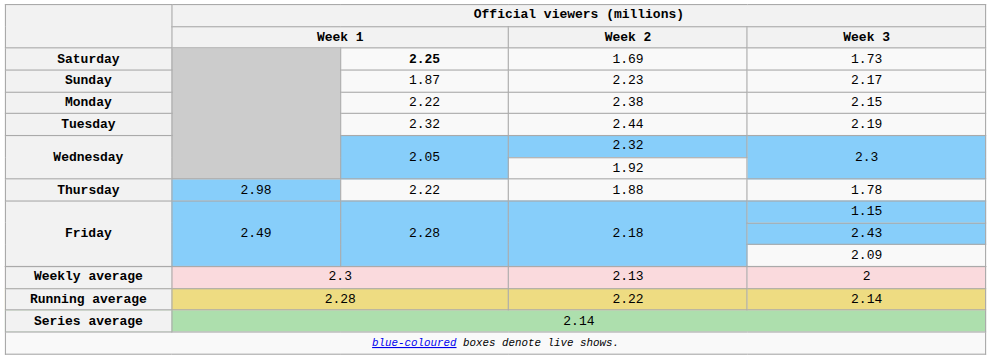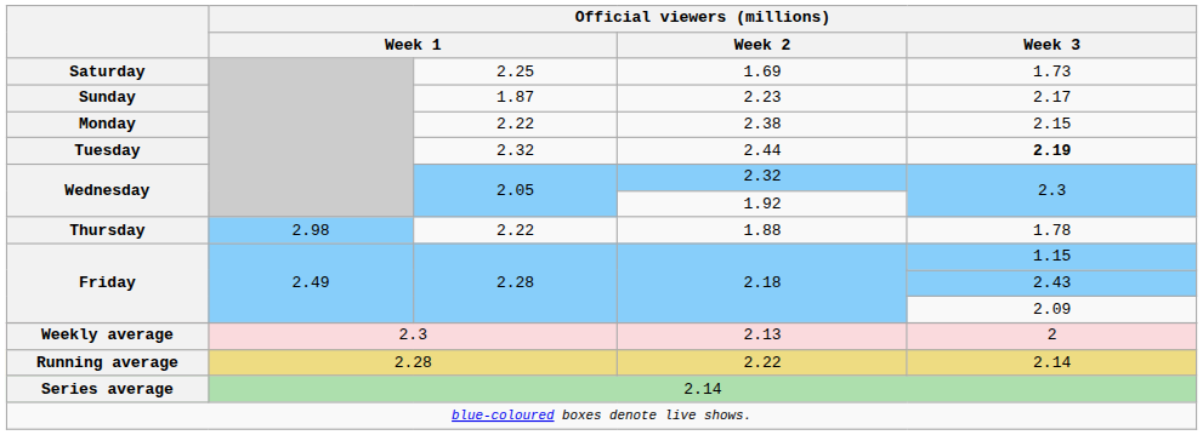 <table class="wikitable" style="font-size:90%; text-align:center; width: 70%; margin-left: auto; margin-right: auto;">
 <tr>
 <th scope="col" rowspan="2" style="width:17%;"></th>
 <th scope=col colspan=4>Official viewers (millions)</th>
 </tr>
 <tr>
 <th colspan=2>Week 1</th>
 <th>Week 2</th>
 <th>Week 3</th>
 </tr>
 <tr>
 <th>Saturday</th>
 <td style="background:#ccc;" rowspan="6"></td>
-<td><strong>2.25</strong></td>
+<td>2.25</td>
 <td>1.69</td>
 <td>1.73</td>
 </tr>
 <tr>
 <th>Sunday</th>
 <td>1.87</td>
 <td>2.23</td>
 <td>2.17</td>
 </tr>
 <tr>
 <th>Monday</th>
 <td>2.22</td>
 <td>2.38</td>
 <td>2.15</td>
 </tr>
 <tr>
 <th>Tuesday</th>
 <td>2.32</td>
 <td>2.44</td>
-<td>2.19</td>
+<td><strong>2.19</strong></td>
 </tr>
 <tr>
 <th rowspan=2>Wednesday</th>
 <td rowspan="2" style="background:#87CEFA;">2.05</td>
 <td style="background:#87CEFA;">2.32</td>
 <td rowspan=2 style="background:#87CEFA;">2.3</td>
 </tr>
 <tr>
 <td>1.92</td>
 </tr>
 <tr>
 <th>Thursday</th>
 <td style="background:#87CEFA;">2.98</td>
 <td>2.22</td>
 <td>1.88</td>
 <td>1.78</td>
 </tr>
 <tr>
 <th rowspan=3>Friday</th>
 <td rowspan="3" style="background:#87CEFA;">2.49</td>
 <td rowspan=3 style="background:#87CEFA;">2.28</td>
 <td rowspan=3 style="background:#87CEFA;">2.18</td>
 <td style="background:#87CEFA;">1.15</td>
 </tr>
 <tr>
 <td style="background:#87CEFA;">2.43</td>
 </tr>
 <tr>
 <td>2.09</td>
 </tr>
 <tr>
 </tr>
 <tr style="background:#FADADD;" |>
 <th>Weekly average</th>
 <td colspan=2>2.3</td>
 <td>2.13</td>
 <td>2</td>
 </tr>
 <tr style="background:#EEDC82;" |>
 <th>Running average</th>
 <td colspan=2>2.28</td>
 <td>2.22</td>
 <td>2.14</td>
 </tr>
 <tr style="background:#ADDFAD;" |>
 <th>Series average</th>
 <td colspan="4">2.14</td>
 </tr>
 <tr>
 <td colspan=5><small><em><a href='#'>blue-coloured</a> boxes denote live shows.</em></small></td>
 </tr>
 </table>
